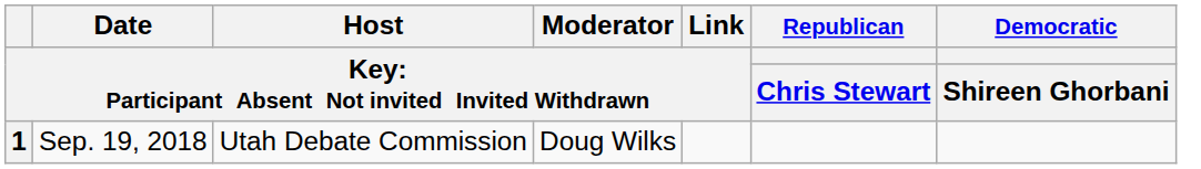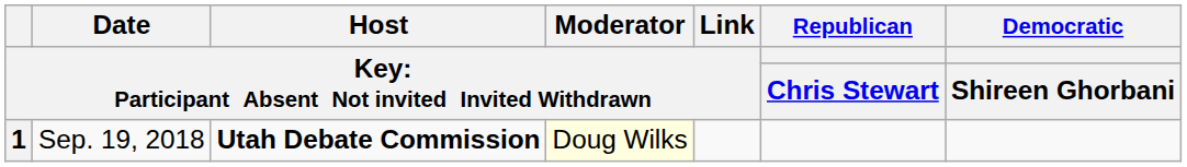 <table class="wikitable" style="text-align:center;">
 <tr>
 <th scope="col"></th>
 <th scope="col">Date</th>
 <th scope="col">Host</th>
 <th scope="col">Moderator</th>
 <th scope="col">Link</th>
 <th scope="col"><small><a href='#'>Republican</a></small></th>
 <th scope="col"><small><a href='#'>Democratic</a></small></th>
 </tr>
 <tr>
 <th colspan="5" rowspan="2">Key:<br> <small>Participant </small>  <small>Absent </small>  <small>Not invited </small>  <small>Invited  Withdrawn</small></th>
 <th scope="col" style="background:"></th>
 <th scope="col" style="background:"></th>
 </tr>
 <tr>
 <th scope="col"><a href='#'>Chris Stewart</a></th>
 <th scope="col">Shireen Ghorbani</th>
 </tr>
 <tr>
 <th>1</th>
 <td style="white-space:nowrap;">Sep. 19, 2018</td>
-<td style="white-space:nowrap;">Utah Debate Commission</td>
-<td style="white-space:nowrap;">Doug Wilks</td>
+<td style="white-space:nowrap;"><strong>Utah Debate Commission</strong></td>
+<td style="background: lightyellow; white-space:nowrap;">Doug Wilks</td>
 <td style="white-space:nowrap;"></td>
 <td></td>
 <td></td>
 </tr>
 </table>
